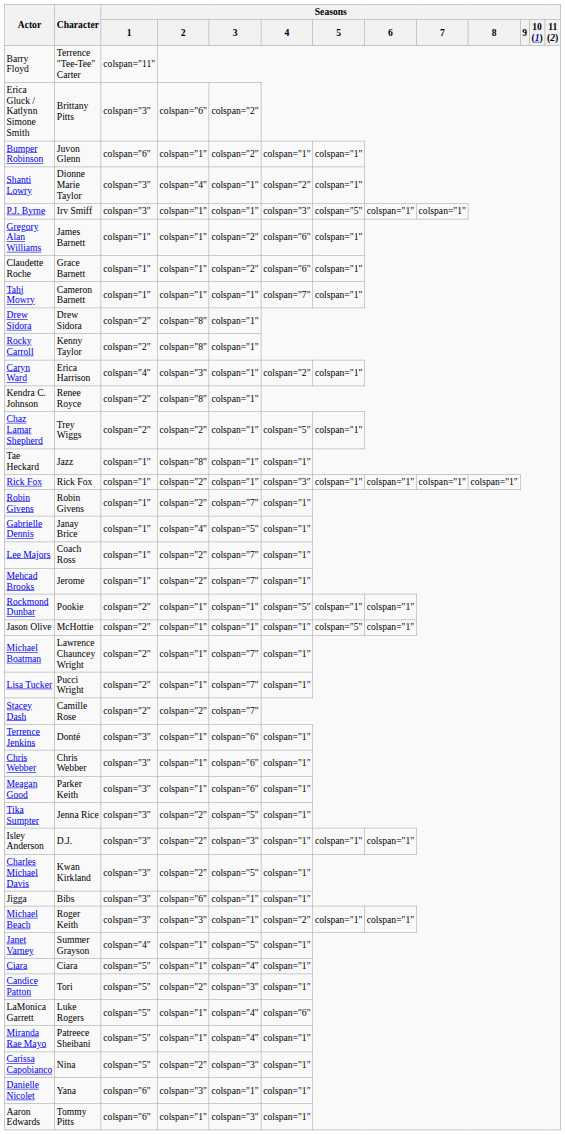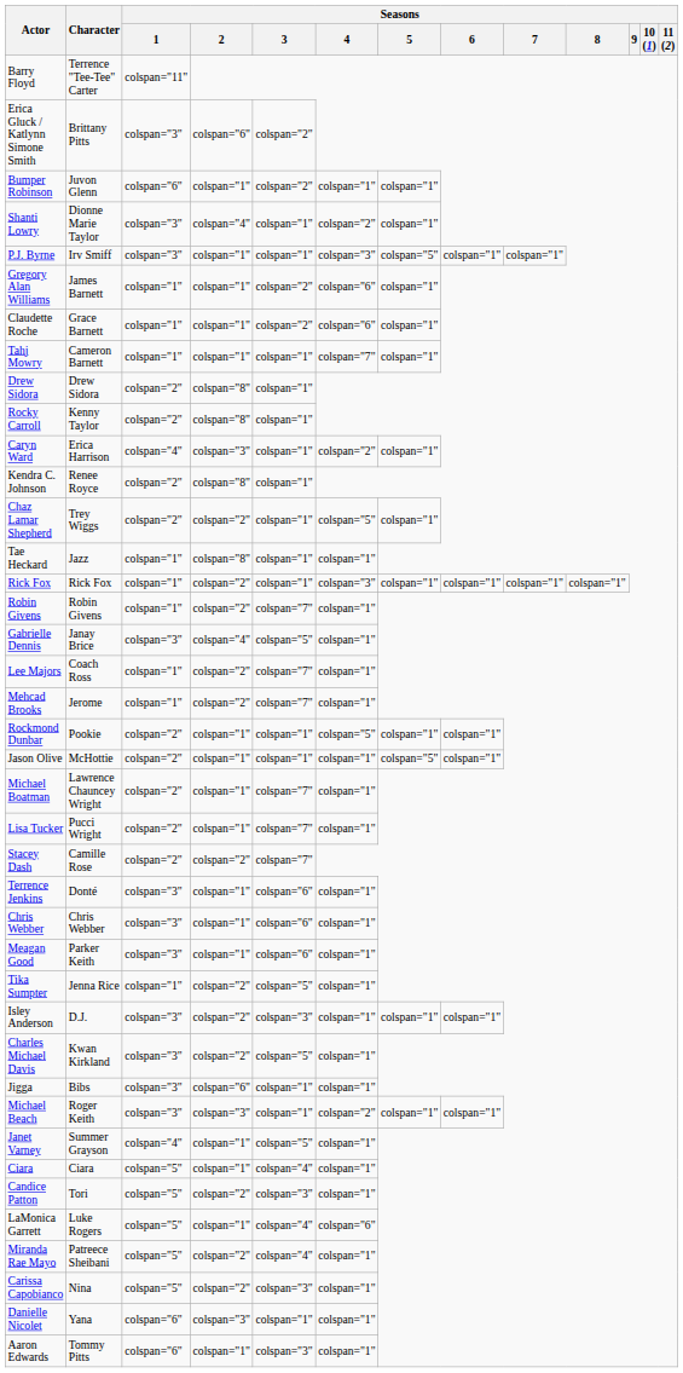 <table class="wikitable">
 <tr>
 <th rowspan="2">Actor</th>
 <th rowspan="2">Character</th>
 <th colspan="11">Seasons</th>
 </tr>
 <tr>
 <th style="width:8%;">1</th>
 <th style="width:8%;">2</th>
 <th style="width:8%;">3</th>
 <th style="width:8%;">4</th>
 <th style="width:8%;">5</th>
 <th style="width:8%;">6</th>
 <th style="width:8%;">7</th>
 <th style="width:8%;">8</th>
 <th style="width:8%;">9</th>
 <th style="width:8%;">10 (<em><a href='#'>1</a></em>)</th>
 <th style="width:8%;">11 (<em>2</em>)</th>
 </tr>
 <tr>
 <td>Barry Floyd</td>
 <td>Terrence "Tee-Tee" Carter</td>
 <td>colspan="11" </td>
 </tr>
 <tr>
 <td>Erica Gluck / Katlynn Simone Smith</td>
 <td>Brittany Pitts</td>
 <td>colspan="3" </td>
 <td>colspan="6" </td>
 <td>colspan="2" </td>
 </tr>
 <tr>
 <td><a href='#'>Bumper Robinson</a></td>
 <td>Juvon Glenn</td>
 <td>colspan="6" </td>
 <td>colspan="1" </td>
 <td>colspan="2" </td>
 <td>colspan="1" </td>
 <td>colspan="1" </td>
 </tr>
 <tr>
 <td><a href='#'>Shanti Lowry</a></td>
 <td>Dionne Marie Taylor</td>
 <td>colspan="3" </td>
 <td>colspan="4" </td>
 <td>colspan="1" </td>
 <td>colspan="2" </td>
 <td>colspan="1" </td>
 </tr>
 <tr>
 <td><a href='#'>P.J. Byrne</a></td>
 <td>Irv Smiff</td>
 <td>colspan="3" </td>
 <td>colspan="1" </td>
 <td>colspan="1" </td>
 <td>colspan="3" </td>
 <td>colspan="5" </td>
 <td>colspan="1" </td>
 <td>colspan="1" </td>
 </tr>
 <tr>
 <td><a href='#'>Gregory Alan Williams</a></td>
 <td>James Barnett</td>
 <td>colspan="1" </td>
 <td>colspan="1" </td>
 <td>colspan="2" </td>
 <td>colspan="6" </td>
 <td>colspan="1" </td>
 </tr>
 <tr>
 <td>Claudette Roche</td>
 <td>Grace Barnett</td>
 <td>colspan="1" </td>
 <td>colspan="1" </td>
 <td>colspan="2" </td>
 <td>colspan="6" </td>
 <td>colspan="1" </td>
 </tr>
 <tr>
 <td><a href='#'>Tahj Mowry</a></td>
 <td>Cameron Barnett</td>
 <td>colspan="1" </td>
 <td>colspan="1" </td>
 <td>colspan="1" </td>
 <td>colspan="7" </td>
 <td>colspan="1" </td>
 </tr>
 <tr>
 <td><a href='#'>Drew Sidora</a></td>
 <td>Drew Sidora</td>
 <td>colspan="2" </td>
 <td>colspan="8" </td>
 <td>colspan="1" </td>
 </tr>
 <tr>
 <td><a href='#'>Rocky Carroll</a></td>
 <td>Kenny Taylor</td>
 <td>colspan="2" </td>
 <td>colspan="8" </td>
 <td>colspan="1" </td>
 </tr>
 <tr>
 <td><a href='#'>Caryn Ward</a></td>
 <td>Erica Harrison</td>
 <td>colspan="4" </td>
 <td>colspan="3" </td>
 <td>colspan="1" </td>
 <td>colspan="2" </td>
 <td>colspan="1" </td>
 </tr>
 <tr>
 <td>Kendra C. Johnson</td>
 <td>Renee Royce</td>
 <td>colspan="2" </td>
 <td>colspan="8" </td>
 <td>colspan="1" </td>
 </tr>
 <tr>
 <td><a href='#'>Chaz Lamar Shepherd</a></td>
 <td>Trey Wiggs</td>
 <td>colspan="2" </td>
 <td>colspan="2" </td>
 <td>colspan="1" </td>
 <td>colspan="5" </td>
 <td>colspan="1" </td>
 </tr>
 <tr>
 <td>Tae Heckard</td>
 <td>Jazz</td>
 <td>colspan="1" </td>
 <td>colspan="8" </td>
 <td>colspan="1" </td>
 <td>colspan="1" </td>
 </tr>
 <tr>
 <td><a href='#'>Rick Fox</a></td>
 <td>Rick Fox</td>
 <td>colspan="1" </td>
 <td>colspan="2" </td>
 <td>colspan="1" </td>
 <td>colspan="3" </td>
 <td>colspan="1" </td>
 <td>colspan="1" </td>
 <td>colspan="1" </td>
 <td>colspan="1" </td>
 </tr>
 <tr>
 <td><a href='#'>Robin Givens</a></td>
 <td>Robin Givens</td>
 <td>colspan="1" </td>
 <td>colspan="2" </td>
 <td>colspan="7" </td>
 <td>colspan="1" </td>
 </tr>
 <tr>
 <td><a href='#'>Gabrielle Dennis</a></td>
 <td>Janay Brice</td>
-<td>colspan="1" </td>
+<td>colspan="3" </td>
 <td>colspan="4" </td>
 <td>colspan="5" </td>
 <td>colspan="1" </td>
 </tr>
 <tr>
 <td><a href='#'>Lee Majors</a></td>
 <td>Coach Ross</td>
 <td>colspan="1" </td>
 <td>colspan="2" </td>
 <td>colspan="7" </td>
 <td>colspan="1" </td>
 </tr>
 <tr>
 <td><a href='#'>Mehcad Brooks</a></td>
 <td>Jerome</td>
 <td>colspan="1" </td>
 <td>colspan="2" </td>
 <td>colspan="7" </td>
 <td>colspan="1" </td>
 </tr>
 <tr>
 <td><a href='#'>Rockmond Dunbar</a></td>
 <td>Pookie</td>
 <td>colspan="2" </td>
 <td>colspan="1" </td>
 <td>colspan="1" </td>
 <td>colspan="5" </td>
 <td>colspan="1" </td>
 <td>colspan="1" </td>
 </tr>
 <tr>
 <td>Jason Olive</td>
 <td>McHottie</td>
 <td>colspan="2" </td>
 <td>colspan="1" </td>
 <td>colspan="1" </td>
 <td>colspan="1" </td>
 <td>colspan="5" </td>
 <td>colspan="1" </td>
 </tr>
 <tr>
 <td><a href='#'>Michael Boatman</a></td>
 <td>Lawrence Chauncey Wright</td>
 <td>colspan="2" </td>
 <td>colspan="1" </td>
 <td>colspan="7" </td>
 <td>colspan="1" </td>
 </tr>
 <tr>
 <td><a href='#'>Lisa Tucker</a></td>
 <td>Pucci Wright</td>
 <td>colspan="2" </td>
 <td>colspan="1" </td>
 <td>colspan="7" </td>
 <td>colspan="1" </td>
 </tr>
 <tr>
 <td><a href='#'>Stacey Dash</a></td>
 <td>Camille Rose</td>
 <td>colspan="2" </td>
 <td>colspan="2" </td>
 <td>colspan="7" </td>
 </tr>
 <tr>
 <td><a href='#'>Terrence Jenkins</a></td>
 <td>Donté</td>
 <td>colspan="3" </td>
 <td>colspan="1" </td>
 <td>colspan="6" </td>
 <td>colspan="1" </td>
 </tr>
 <tr>
 <td><a href='#'>Chris Webber</a></td>
 <td>Chris Webber</td>
 <td>colspan="3" </td>
 <td>colspan="1" </td>
 <td>colspan="6" </td>
 <td>colspan="1" </td>
 </tr>
 <tr>
 <td><a href='#'>Meagan Good</a></td>
 <td>Parker Keith</td>
 <td>colspan="3" </td>
 <td>colspan="1" </td>
 <td>colspan="6" </td>
 <td>colspan="1" </td>
 </tr>
 <tr>
 <td><a href='#'>Tika Sumpter</a></td>
 <td>Jenna Rice</td>
-<td>colspan="3" </td>
+<td>colspan="1" </td>
 <td>colspan="2" </td>
 <td>colspan="5" </td>
 <td>colspan="1" </td>
 </tr>
 <tr>
 <td>Isley Anderson</td>
 <td>D.J.</td>
 <td>colspan="3" </td>
 <td>colspan="2" </td>
 <td>colspan="3" </td>
 <td>colspan="1" </td>
 <td>colspan="1" </td>
 <td>colspan="1" </td>
 </tr>
 <tr>
 <td><a href='#'>Charles Michael Davis</a></td>
 <td>Kwan Kirkland</td>
 <td>colspan="3" </td>
 <td>colspan="2" </td>
 <td>colspan="5" </td>
 <td>colspan="1" </td>
 </tr>
 <tr>
 <td>Jigga</td>
 <td>Bibs</td>
 <td>colspan="3" </td>
 <td>colspan="6" </td>
 <td>colspan="1" </td>
 <td>colspan="1" </td>
 </tr>
 <tr>
 <td><a href='#'>Michael Beach</a></td>
 <td>Roger Keith</td>
 <td>colspan="3" </td>
 <td>colspan="3" </td>
 <td>colspan="1" </td>
 <td>colspan="2" </td>
 <td>colspan="1" </td>
 <td>colspan="1" </td>
 </tr>
 <tr>
 <td><a href='#'>Janet Varney</a></td>
 <td>Summer Grayson</td>
 <td>colspan="4" </td>
 <td>colspan="1" </td>
 <td>colspan="5" </td>
 <td>colspan="1" </td>
 </tr>
 <tr>
 <td><a href='#'>Ciara</a></td>
 <td>Ciara</td>
 <td>colspan="5" </td>
 <td>colspan="1" </td>
 <td>colspan="4" </td>
 <td>colspan="1" </td>
 </tr>
 <tr>
 <td><a href='#'>Candice Patton</a></td>
 <td>Tori</td>
 <td>colspan="5" </td>
 <td>colspan="2" </td>
 <td>colspan="3" </td>
 <td>colspan="1" </td>
 </tr>
 <tr>
 <td>LaMonica Garrett</td>
 <td>Luke Rogers</td>
 <td>colspan="5" </td>
 <td>colspan="1" </td>
 <td>colspan="4" </td>
 <td>colspan="6" </td>
 </tr>
 <tr>
 <td><a href='#'>Miranda Rae Mayo</a></td>
 <td>Patreece Sheibani</td>
 <td>colspan="5" </td>
-<td>colspan="1" </td>
+<td>colspan="2" </td>
 <td>colspan="4" </td>
 <td>colspan="1" </td>
 </tr>
 <tr>
 <td><a href='#'>Carissa Capobianco</a></td>
 <td>Nina</td>
 <td>colspan="5" </td>
 <td>colspan="2" </td>
 <td>colspan="3" </td>
 <td>colspan="1" </td>
 </tr>
 <tr>
 <td><a href='#'>Danielle Nicolet</a></td>
 <td>Yana</td>
 <td>colspan="6" </td>
 <td>colspan="3" </td>
 <td>colspan="1" </td>
 <td>colspan="1" </td>
 </tr>
 <tr>
 <td>Aaron Edwards</td>
 <td>Tommy Pitts</td>
 <td>colspan="6" </td>
 <td>colspan="1" </td>
 <td>colspan="3" </td>
 <td>colspan="1" </td>
 </tr>
 </table>
